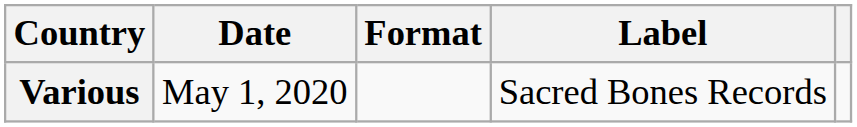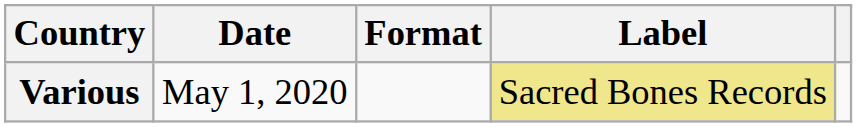 <table class="wikitable plainrowheaders" border="1">
 <tr>
 <th scope="col">Country</th>
 <th scope="col">Date</th>
 <th scope="col">Format</th>
 <th scope="col">Label</th>
 <th scope="col"></th>
 </tr>
 <tr>
 <th scope="row" rowspan="2">Various</th>
 <td>May 1, 2020</td>
 <td></td>
-<td rowspan="1">Sacred Bones Records</td>
+<td rowspan="1" style="background: khaki;">Sacred Bones Records</td>
 <td align="center"></td>
 </tr>
 </table>
